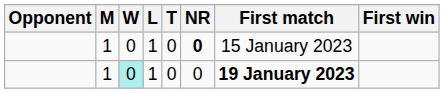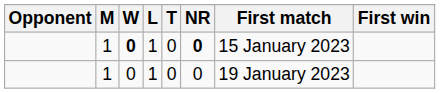 <table class="wikitable" style="text-align: center;">
 <tr>
 </tr>
 <tr>
 <th>Opponent</th>
 <th>M</th>
 <th>W</th>
 <th>L</th>
 <th>T</th>
 <th>NR</th>
 <th>First match</th>
 <th>First win</th>
 </tr>
 <tr>
 <td></td>
 <td>1</td>
-<td>0</td>
+<td><strong>0</strong></td>
 <td>1</td>
 <td>0</td>
 <td><strong>0</strong></td>
 <td>15 January 2023</td>
 <td></td>
 </tr>
 <tr>
 <td></td>
 <td>1</td>
-<td style="background: paleturquoise;">0</td>
+<td>0</td>
 <td>1</td>
 <td>0</td>
 <td>0</td>
-<td><strong>19 January 2023</strong></td>
+<td>19 January 2023</td>
 <td></td>
 </tr>
 </table>
